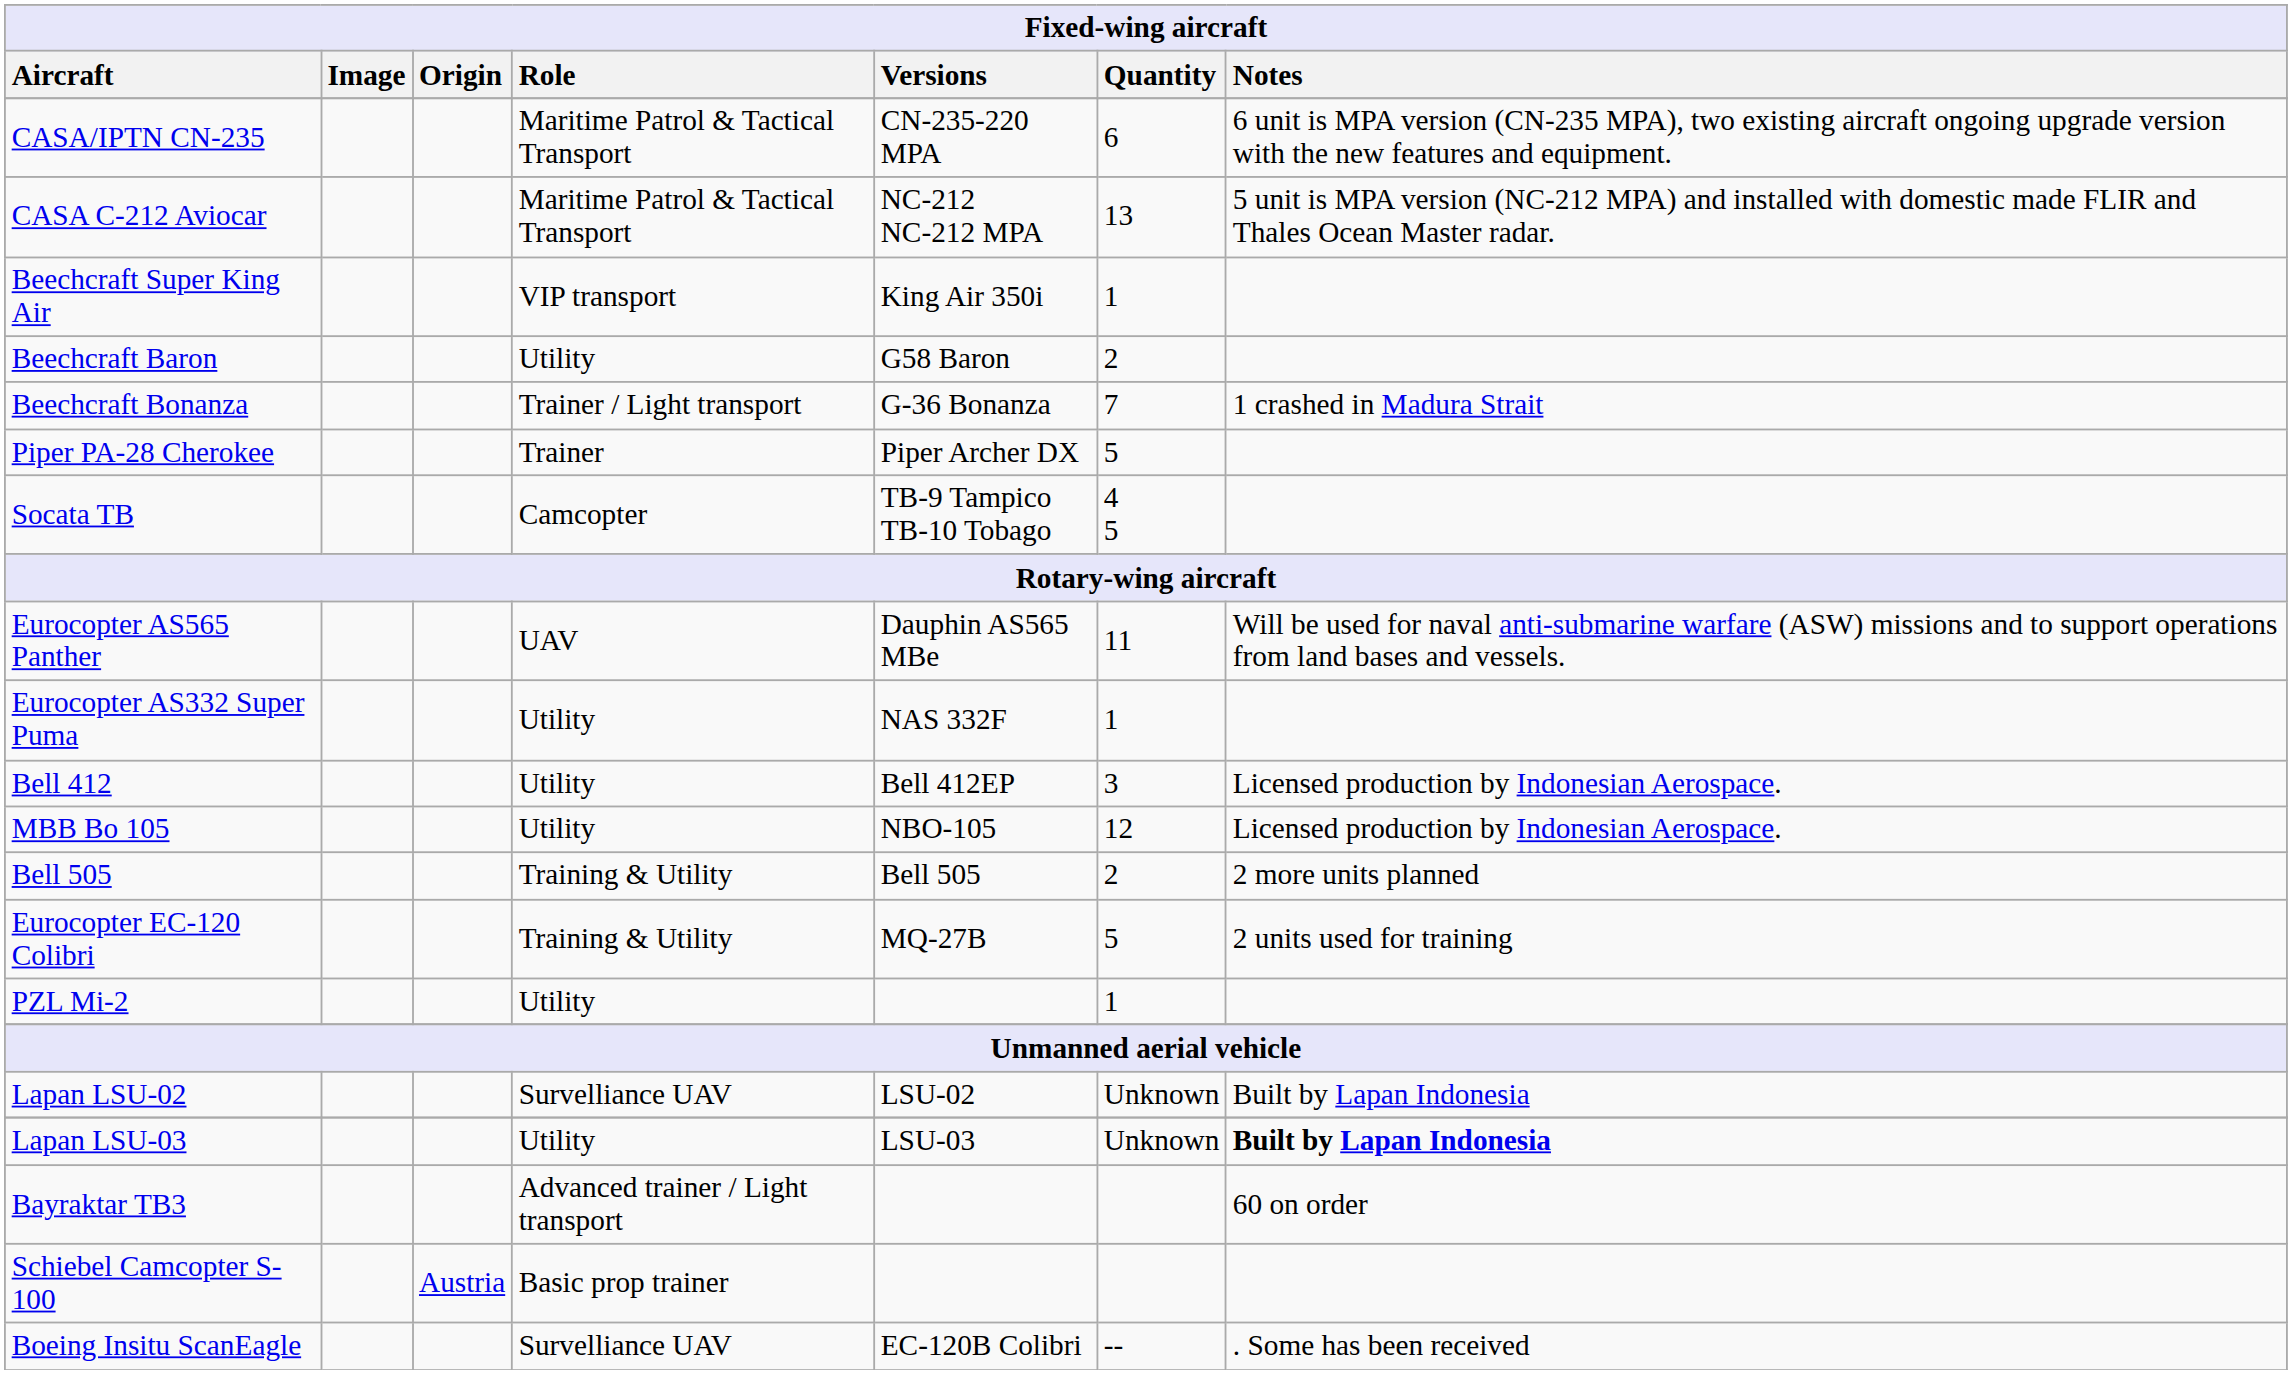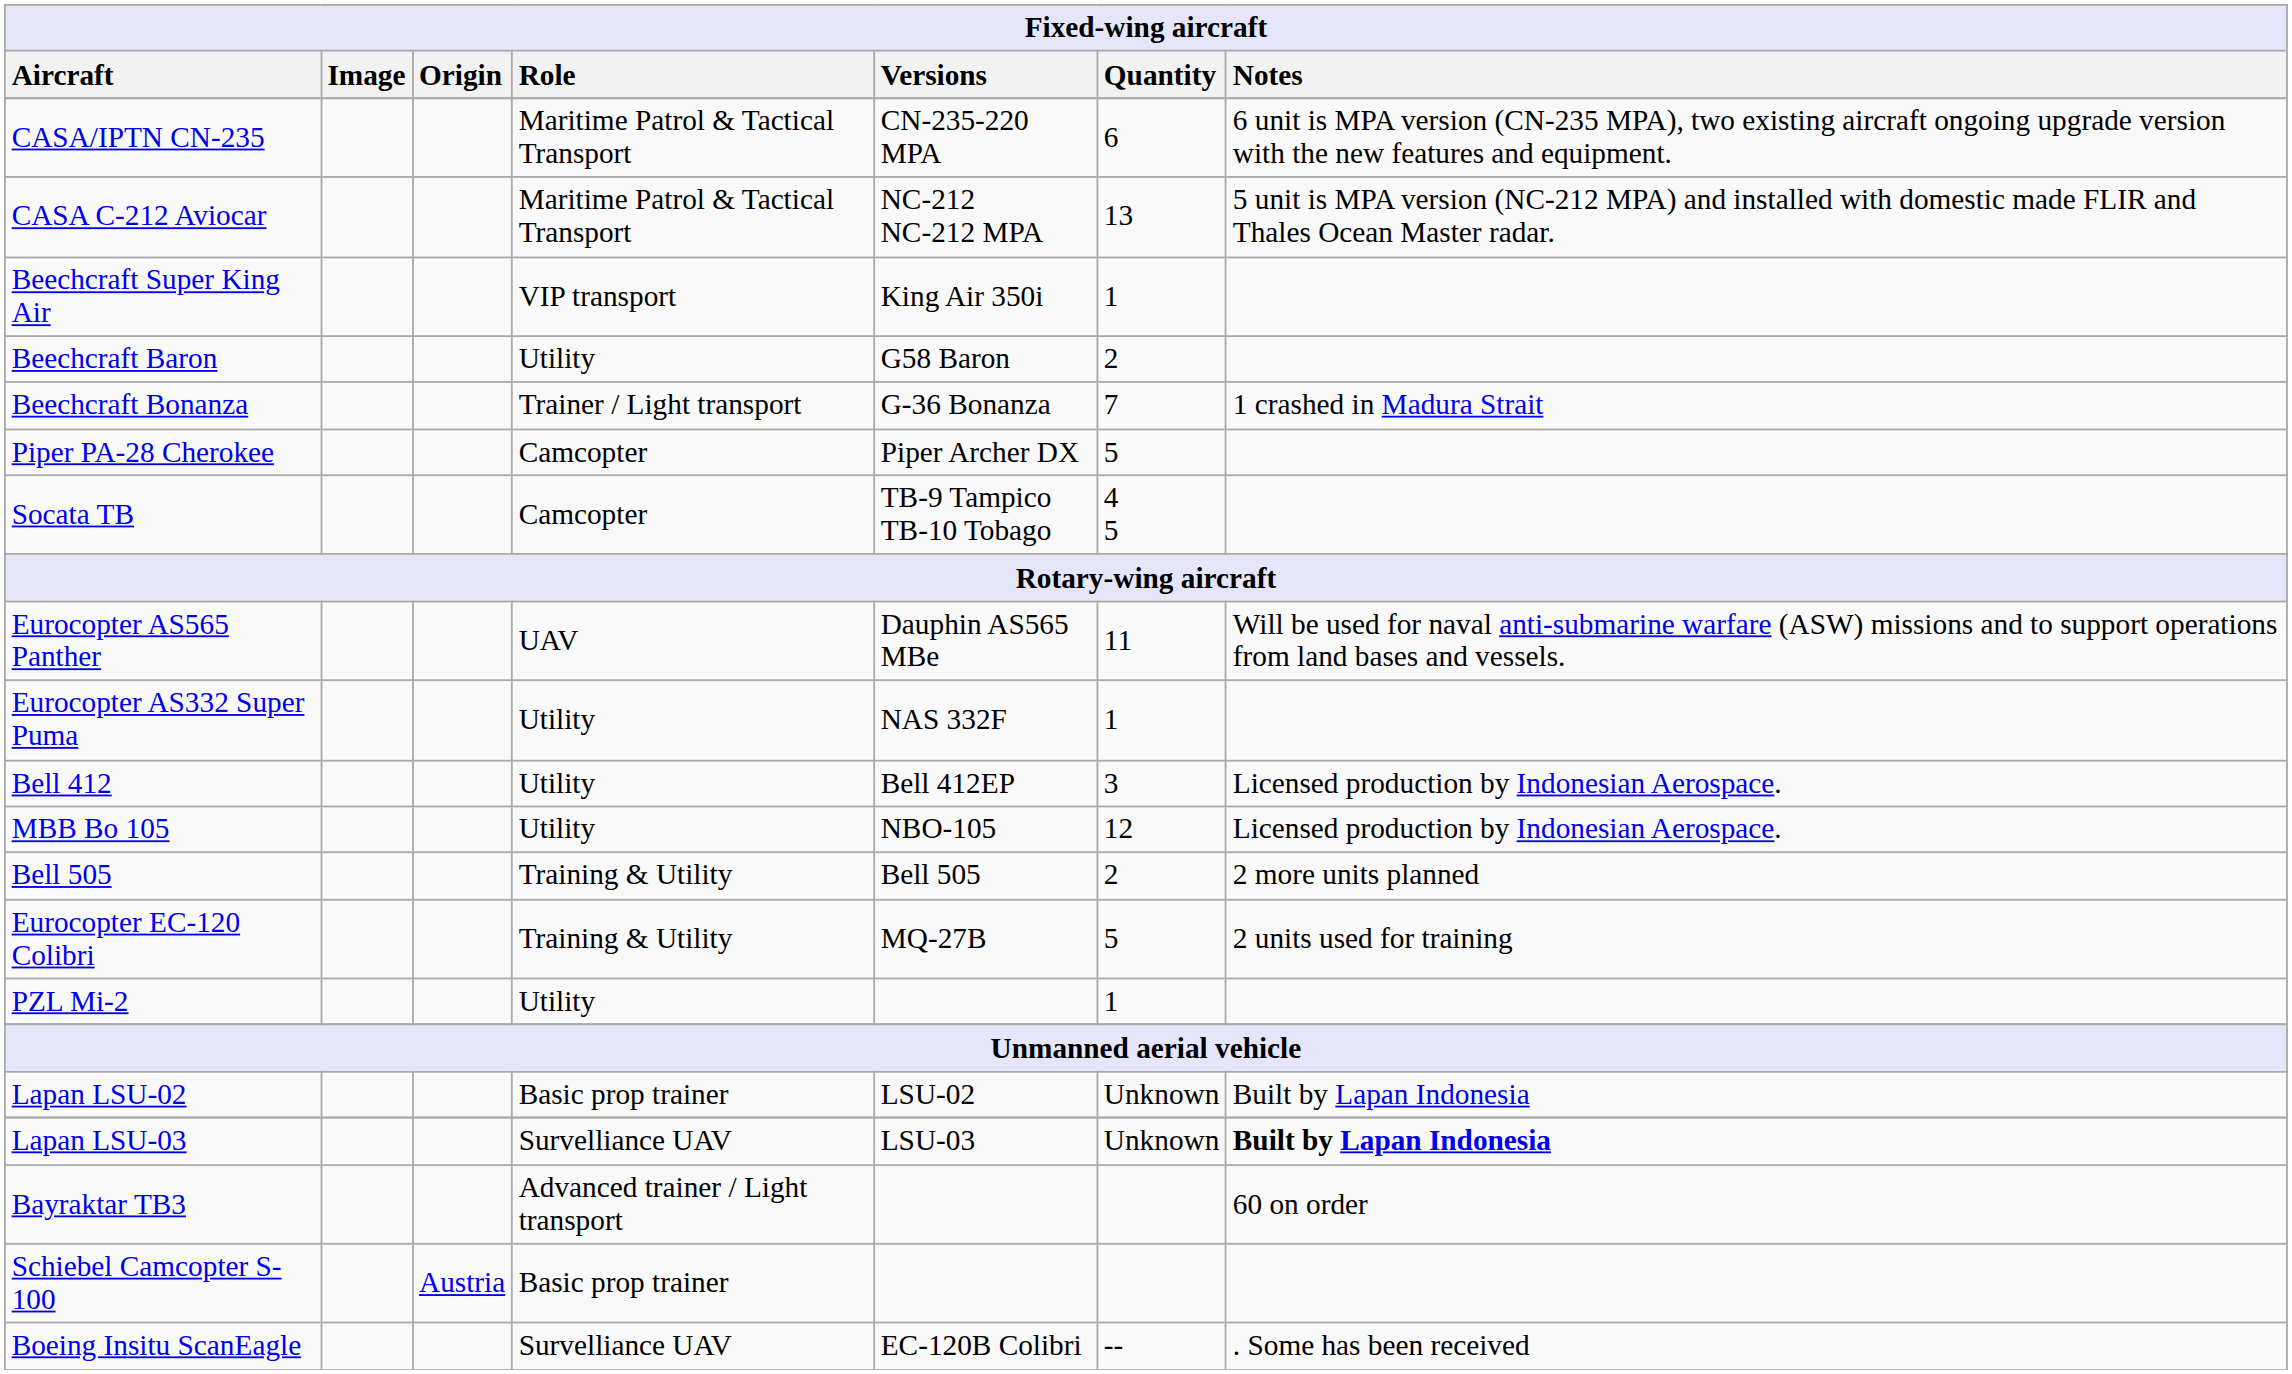 <table class="wikitable">
 <tr>
 <th style="align: center; background: lavender;" colspan="8">Fixed-wing aircraft</th>
 </tr>
 <tr>
 <th style="text-align: left;">Aircraft</th>
 <th style="text-align: left;">Image</th>
 <th style="text-align: left;">Origin</th>
 <th style="text-align: left;">Role</th>
 <th style="text-align: left;">Versions</th>
 <th style="text-align: left;">Quantity</th>
 <th style="text-align: left;">Notes</th>
 </tr>
 <tr ---->
 </tr>
 <tr>
 <td><a href='#'>CASA/IPTN CN-235</a></td>
 <td></td>
 <td><br></td>
 <td>Maritime Patrol & Tactical Transport</td>
 <td>CN-235-220 MPA</td>
 <td>6</td>
 <td>6 unit is MPA version (CN-235 MPA), two existing aircraft ongoing upgrade version with the new features and equipment.</td>
 </tr>
 <tr>
 <td><a href='#'>CASA C-212 Aviocar</a></td>
 <td></td>
 <td><br></td>
 <td>Maritime Patrol & Tactical Transport</td>
 <td>NC-212<br>NC-212 MPA</td>
 <td>13</td>
 <td>5 unit is MPA version (NC-212 MPA) and installed with domestic made FLIR and Thales Ocean Master radar.</td>
 </tr>
 <tr>
 <td><a href='#'>Beechcraft Super King Air</a></td>
 <td></td>
 <td></td>
 <td>VIP transport</td>
 <td>King Air 350i</td>
 <td>1</td>
 <td></td>
 </tr>
 <tr>
 <td><a href='#'>Beechcraft Baron</a></td>
 <td></td>
 <td></td>
 <td>Utility</td>
 <td>G58 Baron</td>
 <td>2</td>
 <td></td>
 </tr>
 <tr>
 <td><a href='#'>Beechcraft Bonanza</a></td>
 <td></td>
 <td></td>
 <td>Trainer / Light transport</td>
 <td>G-36 Bonanza</td>
 <td>7</td>
 <td>1 crashed in <a href='#'>Madura Strait</a></td>
 </tr>
 <tr>
 <td><a href='#'>Piper PA-28 Cherokee</a></td>
 <td></td>
 <td></td>
-<td>Trainer</td>
+<td>Camcopter</td>
 <td>Piper Archer DX</td>
 <td>5</td>
 <td></td>
 </tr>
 <tr>
 <td><a href='#'>Socata TB</a></td>
 <td></td>
 <td></td>
 <td>Camcopter</td>
 <td>TB-9 Tampico<br>TB-10 Tobago</td>
 <td>4<br>5</td>
 <td></td>
 </tr>
 <tr>
 <th style="align: center; background: lavender;" colspan="8">Rotary-wing aircraft</th>
 </tr>
 <tr>
 <td><a href='#'>Eurocopter AS565 Panther</a></td>
 <td></td>
 <td><br></td>
 <td>UAV</td>
 <td>Dauphin AS565 MBe</td>
 <td>11</td>
 <td>Will be used for naval <a href='#'>anti-submarine warfare</a> (ASW) missions and to support operations from land bases and vessels.</td>
 </tr>
 <tr>
 <td><a href='#'>Eurocopter AS332 Super Puma</a></td>
 <td></td>
 <td><br></td>
 <td>Utility</td>
 <td>NAS 332F</td>
 <td>1</td>
 <td></td>
 </tr>
 <tr>
 <td><a href='#'>Bell 412</a></td>
 <td></td>
 <td><br></td>
 <td>Utility</td>
 <td>Bell 412EP</td>
 <td>3</td>
 <td>Licensed production by <a href='#'>Indonesian Aerospace</a>.</td>
 </tr>
 <tr>
 <td><a href='#'>MBB Bo 105</a></td>
 <td></td>
 <td><br></td>
 <td>Utility</td>
 <td>NBO-105</td>
 <td>12</td>
 <td>Licensed production by <a href='#'>Indonesian Aerospace</a>.</td>
 </tr>
 <tr>
 <td><a href='#'>Bell 505</a></td>
 <td></td>
 <td></td>
 <td>Training & Utility</td>
 <td>Bell 505</td>
 <td>2</td>
 <td>2 more units planned</td>
 </tr>
 <tr>
 <td><a href='#'>Eurocopter EC-120 Colibri</a></td>
 <td></td>
 <td></td>
 <td>Training & Utility</td>
 <td>MQ-27B</td>
 <td>5</td>
 <td> 2 units used for training</td>
 </tr>
 <tr>
 <td><a href='#'>PZL Mi-2</a></td>
 <td></td>
 <td></td>
 <td>Utility</td>
 <td></td>
 <td>1</td>
 <td></td>
 </tr>
 <tr>
 </tr>
 <tr ---->
 <th style="align: center; background: lavender;" colspan="8">Unmanned aerial vehicle</th>
 </tr>
 <tr>
 <td><a href='#'>Lapan LSU-02</a></td>
 <td></td>
 <td></td>
-<td>Survelliance UAV</td>
+<td>Basic prop trainer</td>
 <td>LSU-02</td>
 <td>Unknown</td>
 <td>Built by <a href='#'>Lapan Indonesia</a></td>
 </tr>
 <tr>
 </tr>
 <tr>
 <td><a href='#'>Lapan LSU-03</a></td>
 <td></td>
 <td></td>
-<td>Utility</td>
+<td>Survelliance UAV</td>
 <td>LSU-03</td>
 <td>Unknown</td>
 <td><strong>Built by <a href='#'>Lapan Indonesia</a></strong></td>
 </tr>
 <tr>
 <td><a href='#'>Bayraktar TB3</a></td>
 <td></td>
 <td></td>
 <td>Advanced trainer / Light transport</td>
 <td></td>
 <td></td>
 <td>60 on order</td>
 </tr>
 <tr>
 <td><a href='#'>Schiebel Camcopter S-100</a></td>
 <td></td>
 <td><a href='#'>Austria</a></td>
 <td>Basic prop trainer</td>
 <td></td>
 <td></td>
 <td></td>
 </tr>
 <tr>
 <td><a href='#'>Boeing Insitu ScanEagle</a></td>
 <td></td>
 <td></td>
 <td>Survelliance UAV</td>
 <td>EC-120B Colibri</td>
 <td>--</td>
 <td>. Some has been received</td>
 </tr>
 </table>
